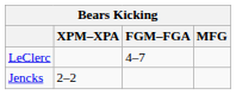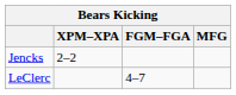 <table class="wikitable">
 <tr>
 <th colspan="4">Bears Kicking</th>
 </tr>
 <tr>
 <th></th>
 <th>XPM–XPA</th>
 <th>FGM–FGA</th>
 <th>MFG</th>
 </tr>
 <tr>
+<td><a href='#'>Jencks</a></td>
+<td>2–2</td>
+<td></td>
+<td></td>
+</tr>
+<tr>
 <td><a href='#'>LeClerc</a></td>
 <td></td>
 <td>4–7</td>
 <td></td>
 </tr>
-<tr>
-<td><a href='#'>Jencks</a></td>
-<td>2–2</td>
-<td></td>
-<td></td>
-</tr>
 </table>
